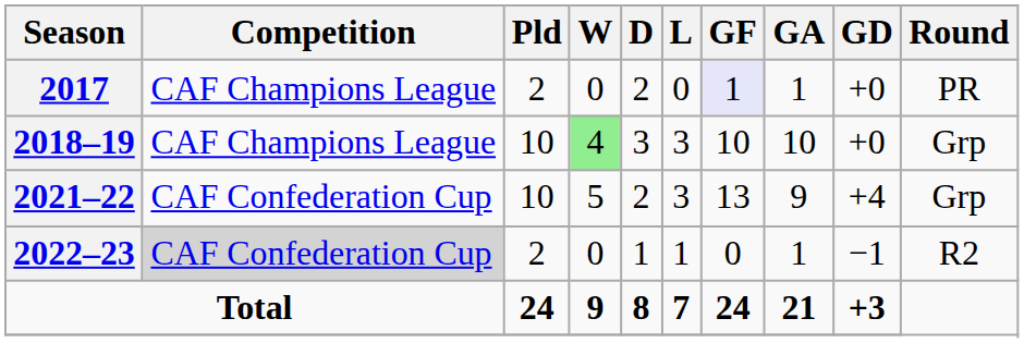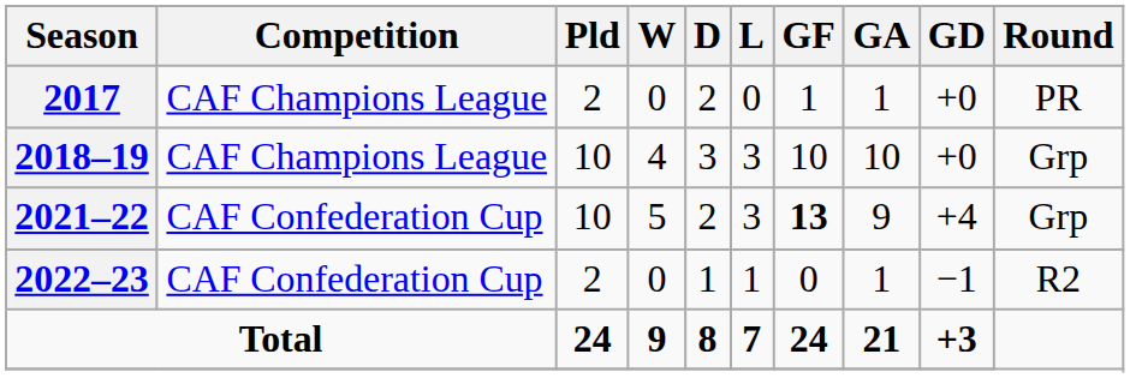 <table class="wikitable plainrowheaders sortable" style="text-align:center;">
 <tr>
 <th scope="col">Season</th>
 <th scope="col">Competition</th>
 <th scope="col">Pld</th>
 <th scope="col">W</th>
 <th scope="col">D</th>
 <th scope="col">L</th>
 <th scope="col">GF</th>
 <th scope="col">GA</th>
 <th scope="col">GD</th>
 <th scope="col">Round</th>
 </tr>
 <tr>
 <th scope="row" style="text-align:center"><a href='#'>2017</a></th>
 <td align=left><a href='#'>CAF Champions League</a></td>
 <td>2</td>
 <td>0</td>
 <td>2</td>
 <td>0</td>
-<td style="background: lavender;">1</td>
+<td>1</td>
 <td>1</td>
 <td>+0</td>
 <td>PR</td>
 </tr>
 <tr>
 <th scope="row" style="text-align:center"><a href='#'>2018–19</a></th>
 <td align=left><a href='#'>CAF Champions League</a></td>
 <td>10</td>
-<td style="background: lightgreen;">4</td>
+<td>4</td>
 <td>3</td>
 <td>3</td>
 <td>10</td>
 <td>10</td>
 <td>+0</td>
 <td>Grp</td>
 </tr>
 <tr>
 <th scope="row" style="text-align:center"><a href='#'>2021–22</a></th>
 <td align=left><a href='#'>CAF Confederation Cup</a></td>
 <td>10</td>
 <td>5</td>
 <td>2</td>
 <td>3</td>
-<td>13</td>
+<td><strong>13</strong></td>
 <td>9</td>
 <td>+4</td>
 <td>Grp</td>
 </tr>
 <tr>
 <th scope="row" style="text-align:center"><a href='#'>2022–23</a></th>
-<td align=left style="background: lightgrey;"><a href='#'>CAF Confederation Cup</a></td>
+<td align=left><a href='#'>CAF Confederation Cup</a></td>
 <td>2</td>
 <td>0</td>
 <td>1</td>
 <td>1</td>
 <td>0</td>
 <td>1</td>
 <td>−1</td>
 <td>R2</td>
 </tr>
 <tr>
 <td colspan=2 align-"center"><strong>Total</strong></td>
 <td><strong>24</strong></td>
 <td><strong>9</strong></td>
 <td><strong>8</strong></td>
 <td><strong>7</strong></td>
 <td><strong>24</strong></td>
 <td><strong>21</strong></td>
 <td><strong>+3</strong></td>
 </tr>
 <tr>
 </tr>
 </table>
